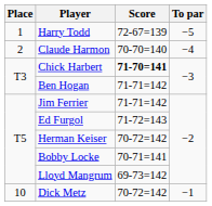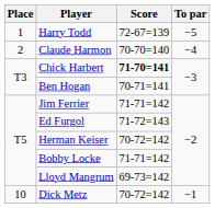 <table class="wikitable">
 <tr>
 <th>Place</th>
 <th>Player</th>
 <th>Score</th>
 <th>To par</th>
 </tr>
 <tr>
 <td align="center">1</td>
 <td> <a href='#'>Harry Todd</a></td>
 <td>72-67=139</td>
 <td align="center">−5</td>
 </tr>
 <tr>
 <td align="center">2</td>
 <td> <a href='#'>Claude Harmon</a></td>
 <td>70-70=140</td>
 <td align="center">−4</td>
 </tr>
 <tr>
 <td rowspan="2" align="center">T3</td>
 <td> <a href='#'>Chick Harbert</a></td>
 <td><strong>71-70=141</strong></td>
 <td rowspan="2" align="center">−3</td>
 </tr>
 <tr>
 <td> <a href='#'>Ben Hogan</a></td>
-<td>71-71=142</td>
+<td>70-71=141</td>
 </tr>
 <tr>
 <td rowspan="5" align="center">T5</td>
 <td> <a href='#'>Jim Ferrier</a></td>
 <td>71-71=142</td>
 <td rowspan="5" align="center">−2</td>
 </tr>
 <tr>
 <td> <a href='#'>Ed Furgol</a></td>
 <td>71-72=143</td>
 </tr>
 <tr>
 <td> <a href='#'>Herman Keiser</a></td>
 <td>70-72=142</td>
 </tr>
 <tr>
 <td> <a href='#'>Bobby Locke</a></td>
-<td>70-71=141</td>
+<td>71-71=142</td>
 </tr>
 <tr>
 <td> <a href='#'>Lloyd Mangrum</a></td>
 <td>69-73=142</td>
 </tr>
 <tr>
 <td align="center">10</td>
 <td> <a href='#'>Dick Metz</a></td>
 <td>70-72=142</td>
 <td align="center">−1</td>
 </tr>
 </table>
